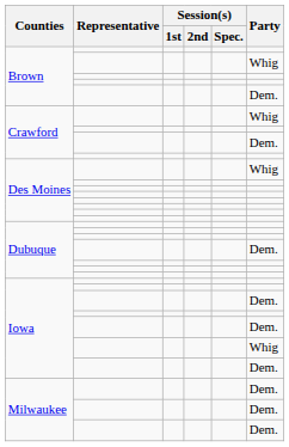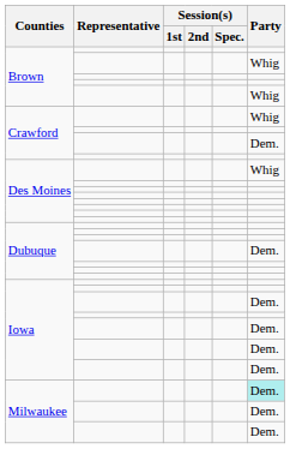 <table class="wikitable sortable">
 <tr>
 <th rowspan="2">Counties</th>
 <th rowspan="2">Representative</th>
 <th colspan="3">Session(s)</th>
 <th rowspan="2">Party</th>
 </tr>
 <tr>
 <th>1st</th>
 <th>2nd</th>
 <th>Spec.</th>
 </tr>
 <tr>
 <td rowspan="5"><a href='#'>Brown</a></td>
 <td></td>
 <td></td>
 <td></td>
 <td></td>
 <td></td>
 </tr>
 <tr>
 <td></td>
 <td></td>
 <td></td>
 <td></td>
 <td>Whig</td>
 </tr>
 <tr>
 <td></td>
 <td></td>
 <td></td>
 <td></td>
 <td></td>
 </tr>
 <tr>
 <td></td>
 <td></td>
 <td></td>
 <td></td>
 <td></td>
 </tr>
 <tr>
 <td></td>
 <td></td>
 <td></td>
 <td></td>
-<td>Dem.</td>
+<td>Whig</td>
 </tr>
 <tr>
 <td rowspan="4"><a href='#'>Crawford</a></td>
 <td></td>
 <td></td>
 <td></td>
 <td></td>
 <td>Whig</td>
 </tr>
 <tr>
 <td></td>
 <td></td>
 <td></td>
 <td></td>
 <td></td>
 </tr>
 <tr>
 <td></td>
 <td></td>
 <td></td>
 <td></td>
 <td>Dem.</td>
 </tr>
 <tr>
 <td></td>
 <td></td>
 <td></td>
 <td></td>
 <td></td>
 </tr>
 <tr>
 <td rowspan="8"><a href='#'>Des Moines</a></td>
 <td></td>
 <td></td>
 <td></td>
 <td></td>
 <td>Whig</td>
 </tr>
 <tr>
 <td></td>
 <td></td>
 <td></td>
 <td></td>
 <td></td>
 </tr>
 <tr>
 <td></td>
 <td></td>
 <td></td>
 <td></td>
 <td></td>
 </tr>
 <tr>
 <td></td>
 <td></td>
 <td></td>
 <td></td>
 <td></td>
 </tr>
 <tr>
 <td></td>
 <td></td>
 <td></td>
 <td></td>
 <td></td>
 </tr>
 <tr>
 <td></td>
 <td></td>
 <td></td>
 <td></td>
 <td></td>
 </tr>
 <tr>
 <td></td>
 <td></td>
 <td></td>
 <td></td>
 <td></td>
 </tr>
 <tr>
 <td></td>
 <td></td>
 <td></td>
 <td></td>
 <td></td>
 </tr>
 <tr>
 <td rowspan="7"><a href='#'>Dubuque</a></td>
 <td></td>
 <td></td>
 <td></td>
 <td></td>
 <td></td>
 </tr>
 <tr>
 <td></td>
 <td></td>
 <td></td>
 <td></td>
 <td></td>
 </tr>
 <tr>
 <td></td>
 <td></td>
 <td></td>
 <td></td>
 <td></td>
 </tr>
 <tr>
 <td></td>
 <td></td>
 <td></td>
 <td></td>
 <td>Dem.</td>
 </tr>
 <tr>
 <td></td>
 <td></td>
 <td></td>
 <td></td>
 <td></td>
 </tr>
 <tr>
 <td></td>
 <td></td>
 <td></td>
 <td></td>
 <td></td>
 </tr>
 <tr>
 <td></td>
 <td></td>
 <td></td>
 <td></td>
 <td></td>
 </tr>
 <tr>
 <td rowspan="7"><a href='#'>Iowa</a></td>
 <td></td>
 <td></td>
 <td></td>
 <td></td>
 <td></td>
 </tr>
 <tr>
 <td></td>
 <td></td>
 <td></td>
 <td></td>
 <td></td>
 </tr>
 <tr>
 <td></td>
 <td></td>
 <td></td>
 <td></td>
 <td>Dem.</td>
 </tr>
 <tr>
 <td></td>
 <td></td>
 <td></td>
 <td></td>
 <td></td>
 </tr>
 <tr>
 <td></td>
 <td></td>
 <td></td>
 <td></td>
 <td>Dem.</td>
 </tr>
 <tr>
 <td></td>
 <td></td>
 <td></td>
 <td></td>
-<td>Whig</td>
+<td>Dem.</td>
 </tr>
 <tr>
 <td></td>
 <td></td>
 <td></td>
 <td></td>
 <td>Dem.</td>
 </tr>
 <tr>
 <td rowspan="3"><a href='#'>Milwaukee</a></td>
 <td></td>
 <td></td>
 <td></td>
 <td></td>
-<td>Dem.</td>
+<td style="background: paleturquoise;">Dem.</td>
 </tr>
 <tr>
 <td></td>
 <td></td>
 <td></td>
 <td></td>
 <td>Dem.</td>
 </tr>
 <tr>
 <td></td>
 <td></td>
 <td></td>
 <td></td>
 <td>Dem.</td>
 </tr>
 </table>
